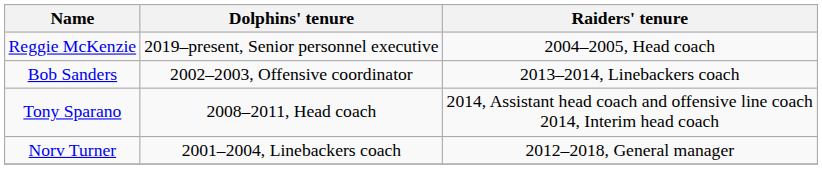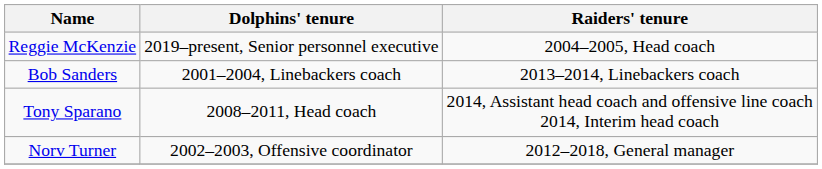 <table class="wikitable" style="text-align: center;">
 <tr>
 <th>Name</th>
 <th>Dolphins' tenure</th>
 <th>Raiders' tenure</th>
 </tr>
 <tr>
 <td><a href='#'>Reggie McKenzie</a></td>
 <td>2019–present, Senior personnel executive</td>
 <td>2004–2005, Head coach</td>
 </tr>
 <tr>
 <td><a href='#'>Bob Sanders</a></td>
-<td>2002–2003, Offensive coordinator</td>
+<td>2001–2004, Linebackers coach</td>
 <td>2013–2014, Linebackers coach</td>
 </tr>
 <tr>
 <td><a href='#'>Tony Sparano</a></td>
 <td>2008–2011, Head coach</td>
 <td>2014, Assistant head coach and offensive line coach<br>2014, Interim head coach</td>
 </tr>
 <tr>
 <td><a href='#'>Norv Turner</a></td>
-<td>2001–2004, Linebackers coach</td>
+<td>2002–2003, Offensive coordinator</td>
 <td>2012–2018, General manager</td>
 </tr>
 <tr>
 </tr>
 </table>
